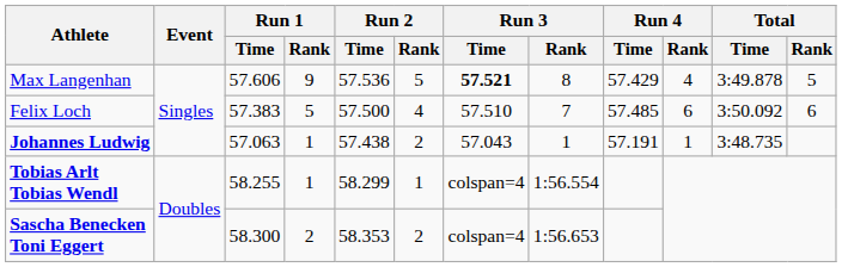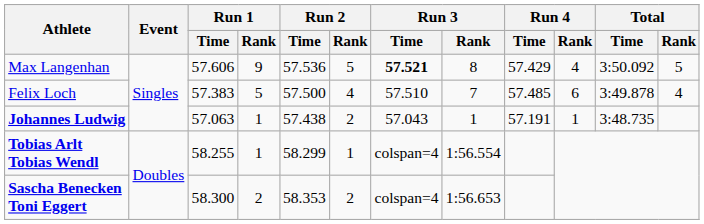 <table class="wikitable" style="font-size:90%">
 <tr>
 <th rowspan="2">Athlete</th>
 <th rowspan="2">Event</th>
 <th colspan="2">Run 1</th>
 <th colspan="2">Run 2</th>
 <th colspan="2">Run 3</th>
 <th colspan="2">Run 4</th>
 <th colspan="2">Total</th>
 </tr>
 <tr style="font-size:95%">
 <th>Time</th>
 <th>Rank</th>
 <th>Time</th>
 <th>Rank</th>
 <th>Time</th>
 <th>Rank</th>
 <th>Time</th>
 <th>Rank</th>
 <th>Time</th>
 <th>Rank</th>
 </tr>
 <tr align=center>
 <td align=left><a href='#'>Max Langenhan</a></td>
 <td align=left rowspan=3><a href='#'>Singles</a></td>
 <td>57.606</td>
 <td>9</td>
 <td>57.536</td>
 <td>5</td>
 <td><strong>57.521</strong></td>
 <td>8</td>
 <td>57.429</td>
 <td>4</td>
-<td>3:49.878</td>
+<td>3:50.092</td>
 <td>5</td>
 </tr>
 <tr align=center>
 <td align=left><a href='#'>Felix Loch</a></td>
 <td>57.383</td>
 <td>5</td>
 <td>57.500</td>
 <td>4</td>
 <td>57.510</td>
 <td>7</td>
 <td>57.485</td>
 <td>6</td>
-<td>3:50.092</td>
-<td>6</td>
+<td>3:49.878</td>
+<td>4</td>
 </tr>
 <tr align=center>
 <td align=left><strong><a href='#'>Johannes Ludwig</a></strong></td>
 <td>57.063</td>
 <td>1</td>
 <td>57.438</td>
 <td>2</td>
 <td>57.043</td>
 <td>1</td>
 <td>57.191</td>
 <td>1</td>
 <td>3:48.735</td>
 <td></td>
 </tr>
 <tr align=center>
 <td align=left><strong><a href='#'>Tobias Arlt</a><br><a href='#'>Tobias Wendl</a></strong></td>
 <td align=left rowspan=2><a href='#'>Doubles</a></td>
 <td>58.255</td>
 <td>1</td>
 <td>58.299</td>
 <td>1</td>
 <td>colspan=4 </td>
 <td>1:56.554</td>
 <td></td>
 </tr>
 <tr align=center>
 <td align=left><strong><a href='#'>Sascha Benecken</a><br><a href='#'>Toni Eggert</a></strong></td>
 <td>58.300</td>
 <td>2</td>
 <td>58.353</td>
 <td>2</td>
 <td>colspan=4 </td>
 <td>1:56.653</td>
 <td></td>
 </tr>
 </table>
